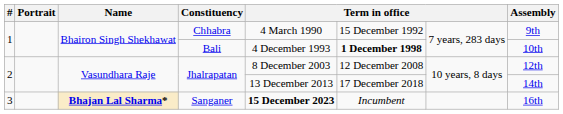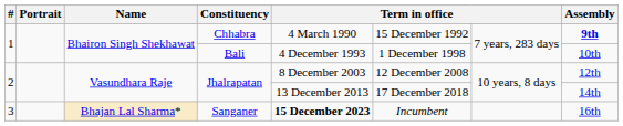 <table class="wikitable plainrowheaders" style="text-align:center">
 <tr align=center>
 <th>#</th>
 <th>Portrait</th>
 <th>Name</th>
 <th>Constituency</th>
 <th colspan="3">Term in office</th>
 <th>Assembly</th>
 </tr>
 <tr align="center">
 <td rowspan="2">1</td>
 <td rowspan="2"></td>
 <td rowspan="2"><a href='#'>Bhairon Singh Shekhawat</a></td>
 <td><a href='#'>Chhabra</a></td>
 <td>4 March 1990</td>
 <td>15 December 1992</td>
 <td rowspan="2">7 years, 283 days</td>
-<td><a href='#'>9th</a></td>
+<td><strong><a href='#'>9th</a></strong></td>
 </tr>
 <tr align="center">
 <td><a href='#'>Bali</a></td>
 <td>4 December 1993</td>
-<td><strong>1 December 1998</strong></td>
+<td>1 December 1998</td>
 <td><a href='#'>10th</a></td>
 </tr>
 <tr align="center">
 <td rowspan="2">2</td>
 <td rowspan="2"></td>
 <td rowspan="2"><a href='#'>Vasundhara Raje</a></td>
 <td rowspan="2"><a href='#'>Jhalrapatan</a></td>
 <td>8 December 2003</td>
 <td>12 December 2008</td>
 <td rowspan="2">10 years, 8 days</td>
 <td><a href='#'>12th</a></td>
 </tr>
 <tr align="center">
 <td>13 December 2013</td>
 <td>17 December 2018</td>
 <td><a href='#'>14th</a></td>
 </tr>
 <tr>
 <td>3</td>
 <td></td>
-<td style="background:#faecc8;text-align:center;"><strong><a href='#'>Bhajan Lal Sharma</a>*</strong></td>
+<td style="background:#faecc8;text-align:center;"><a href='#'>Bhajan Lal Sharma</a>*</td>
 <td><a href='#'>Sanganer</a></td>
 <td><strong>15 December 2023</strong></td>
 <td><em>Incumbent</em></td>
 <td></td>
 <td><a href='#'>16th</a></td>
 </tr>
 </table>
